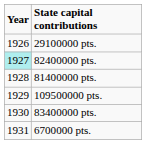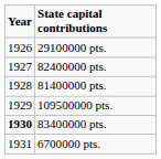 <table class="wikitable" width="200">
 <tr>
 <td><strong>Year</strong></td>
 <td><strong>State capital contributions</strong></td>
 </tr>
 <tr>
 <td>1926</td>
 <td>29100000 pts.</td>
 </tr>
 <tr>
-<td style="background: paleturquoise;">1927</td>
+<td>1927</td>
 <td>82400000 pts.</td>
 </tr>
 <tr>
 <td>1928</td>
 <td>81400000 pts.</td>
 </tr>
 <tr>
 <td>1929</td>
 <td>109500000 pts.</td>
 </tr>
 <tr>
-<td>1930</td>
+<td><strong>1930</strong></td>
 <td>83400000 pts.</td>
 </tr>
 <tr>
 <td>1931</td>
 <td>6700000 pts.</td>
 </tr>
 </table>
